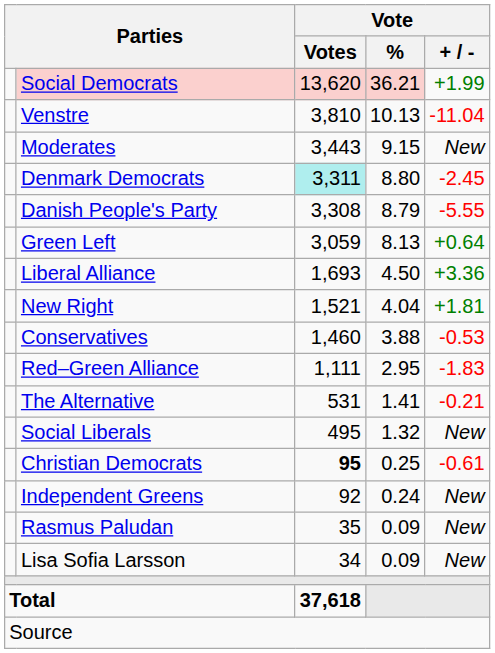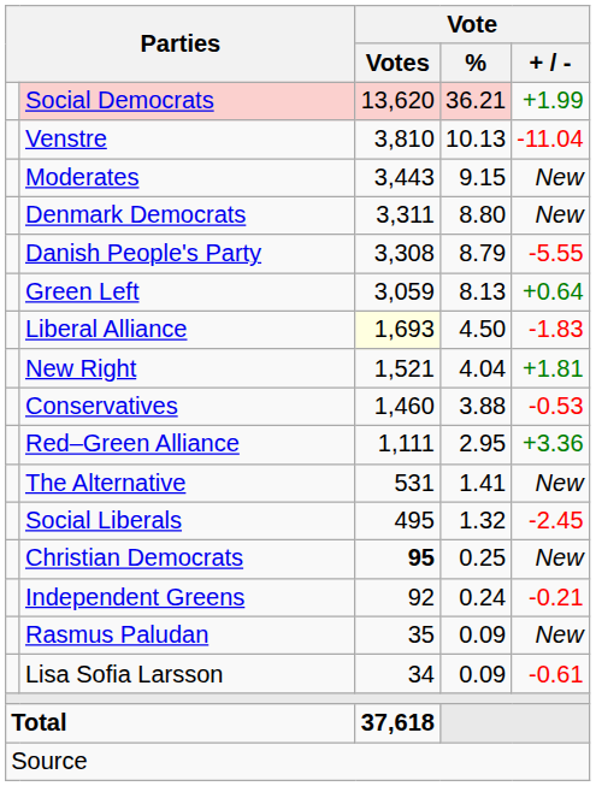 <table class="wikitable" style="text-align:right;">
 <tr>
 <th style="text-align:centre;" rowspan="2" colspan="2" width="225">Parties</th>
 <th colspan="3">Vote</th>
 </tr>
 <tr>
 <th width="15">Votes</th>
 <th width="15">%</th>
 <th width="15">+ / -</th>
 </tr>
 <tr>
 <td width="2" style="color:inherit;background:"></td>
 <td bgcolor=#fbd0ce  align="left"><a href='#'>Social Democrats</a></td>
 <td bgcolor=#fbd0ce>13,620</td>
 <td bgcolor=#fbd0ce>36.21</td>
 <td style=color:green;>+1.99</td>
 </tr>
 <tr>
 <td width="2" style="color:inherit;background:"></td>
 <td align="left"><a href='#'>Venstre</a></td>
 <td>3,810</td>
 <td>10.13</td>
 <td style=color:red;>-11.04</td>
 </tr>
 <tr>
 <td width="2" style="color:inherit;background:"></td>
 <td align="left"><a href='#'>Moderates</a></td>
 <td>3,443</td>
 <td>9.15</td>
 <td><em>New</em></td>
 </tr>
 <tr>
 <td width="2" style="color:inherit;background:"></td>
 <td align="left"><a href='#'>Denmark Democrats</a></td>
-<td style="background: paleturquoise;">3,311</td>
+<td>3,311</td>
 <td>8.80</td>
-<td style=color:red;>-2.45</td>
+<td><em>New</em></td>
 </tr>
 <tr>
 <td width="2" style="color:inherit;background:"></td>
 <td align="left"><a href='#'>Danish People's Party</a></td>
 <td>3,308</td>
 <td>8.79</td>
 <td style=color:red;>-5.55</td>
 </tr>
 <tr>
 <td width="2" style="color:inherit;background:"></td>
 <td align="left"><a href='#'>Green Left</a></td>
 <td>3,059</td>
 <td>8.13</td>
 <td style=color:green;>+0.64</td>
 </tr>
 <tr>
 <td width="2" style="color:inherit;background:"></td>
 <td align="left"><a href='#'>Liberal Alliance</a></td>
-<td>1,693</td>
+<td style="background: lightyellow;">1,693</td>
 <td>4.50</td>
-<td style=color:green;>+3.36</td>
+<td style=color:red;>-1.83</td>
 </tr>
 <tr>
 <td width="2" style="color:inherit;background:"></td>
 <td align="left"><a href='#'>New Right</a></td>
 <td>1,521</td>
 <td>4.04</td>
 <td style=color:green;>+1.81</td>
 </tr>
 <tr>
 <td width="2" style="color:inherit;background:"></td>
 <td align="left"><a href='#'>Conservatives</a></td>
 <td>1,460</td>
 <td>3.88</td>
 <td style=color:red;>-0.53</td>
 </tr>
 <tr>
 <td width="2" style="color:inherit;background:"></td>
 <td align="left"><a href='#'>Red–Green Alliance</a></td>
 <td>1,111</td>
 <td>2.95</td>
-<td style=color:red;>-1.83</td>
+<td style=color:green;>+3.36</td>
 </tr>
 <tr>
 <td width="2" style="color:inherit;background:"></td>
 <td align="left"><a href='#'>The Alternative</a></td>
 <td>531</td>
 <td>1.41</td>
-<td style=color:red;>-0.21</td>
+<td><em>New</em></td>
 </tr>
 <tr>
 <td width="2" style="color:inherit;background:"></td>
 <td align="left"><a href='#'>Social Liberals</a></td>
 <td>495</td>
 <td>1.32</td>
-<td><em>New</em></td>
+<td style=color:red;>-2.45</td>
 </tr>
 <tr>
 <td width="2" style="color:inherit;background:"></td>
 <td align="left"><a href='#'>Christian Democrats</a></td>
 <td><strong>95</strong></td>
 <td>0.25</td>
-<td style=color:red;>-0.61</td>
+<td><em>New</em></td>
 </tr>
 <tr>
 <td width="2" style="color:inherit;background:"></td>
 <td align="left"><a href='#'>Independent Greens</a></td>
 <td>92</td>
 <td>0.24</td>
-<td><em>New</em></td>
+<td style=color:red;>-0.21</td>
 </tr>
 <tr>
 <td width="2" style="color:inherit;background:"></td>
 <td align="left"><a href='#'>Rasmus Paludan</a></td>
 <td>35</td>
 <td>0.09</td>
 <td><em>New</em></td>
 </tr>
 <tr>
 <td width="2" style="color:inherit;background:"></td>
 <td align="left">Lisa Sofia Larsson</td>
 <td>34</td>
 <td>0.09</td>
-<td><em>New</em></td>
+<td style=color:red;>-0.61</td>
 </tr>
 <tr>
 <td colspan="7" bgcolor="#E9E9E9"></td>
 </tr>
 <tr>
 <td align="left" colspan="2"><strong>Total</strong></td>
 <td><strong>37,618</strong></td>
 <td bgcolor="#E9E9E9" colspan="2"></td>
 </tr>
 <tr>
 <td align="left" colspan="6">Source</td>
 </tr>
 </table>
